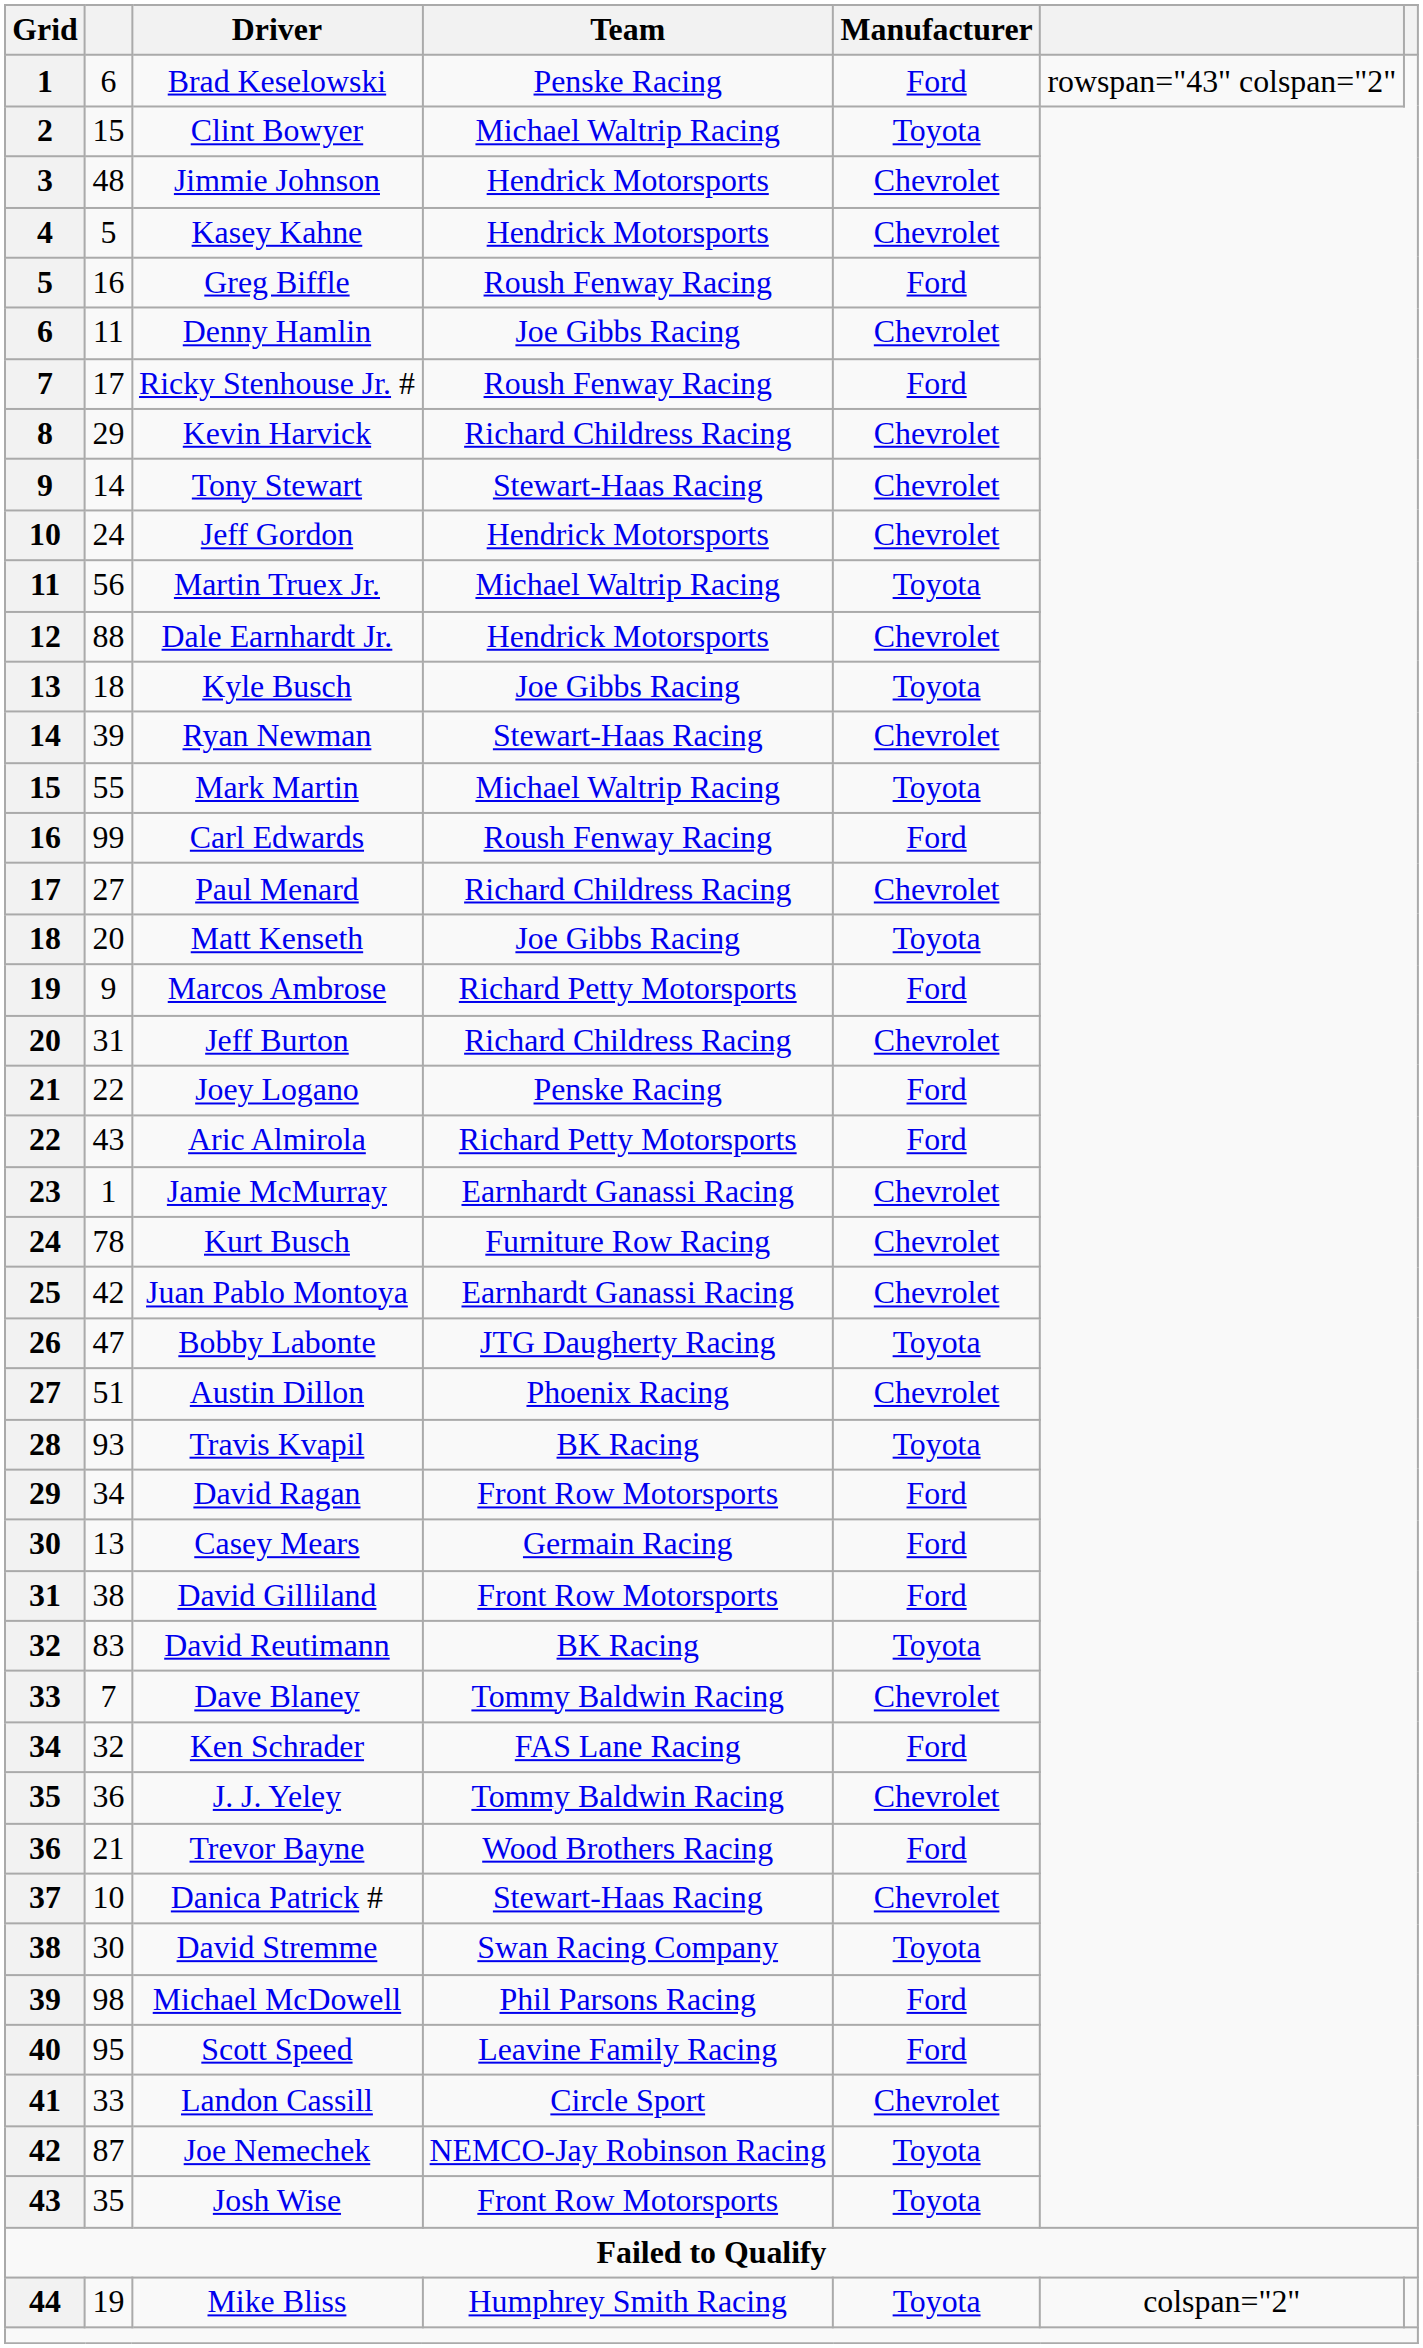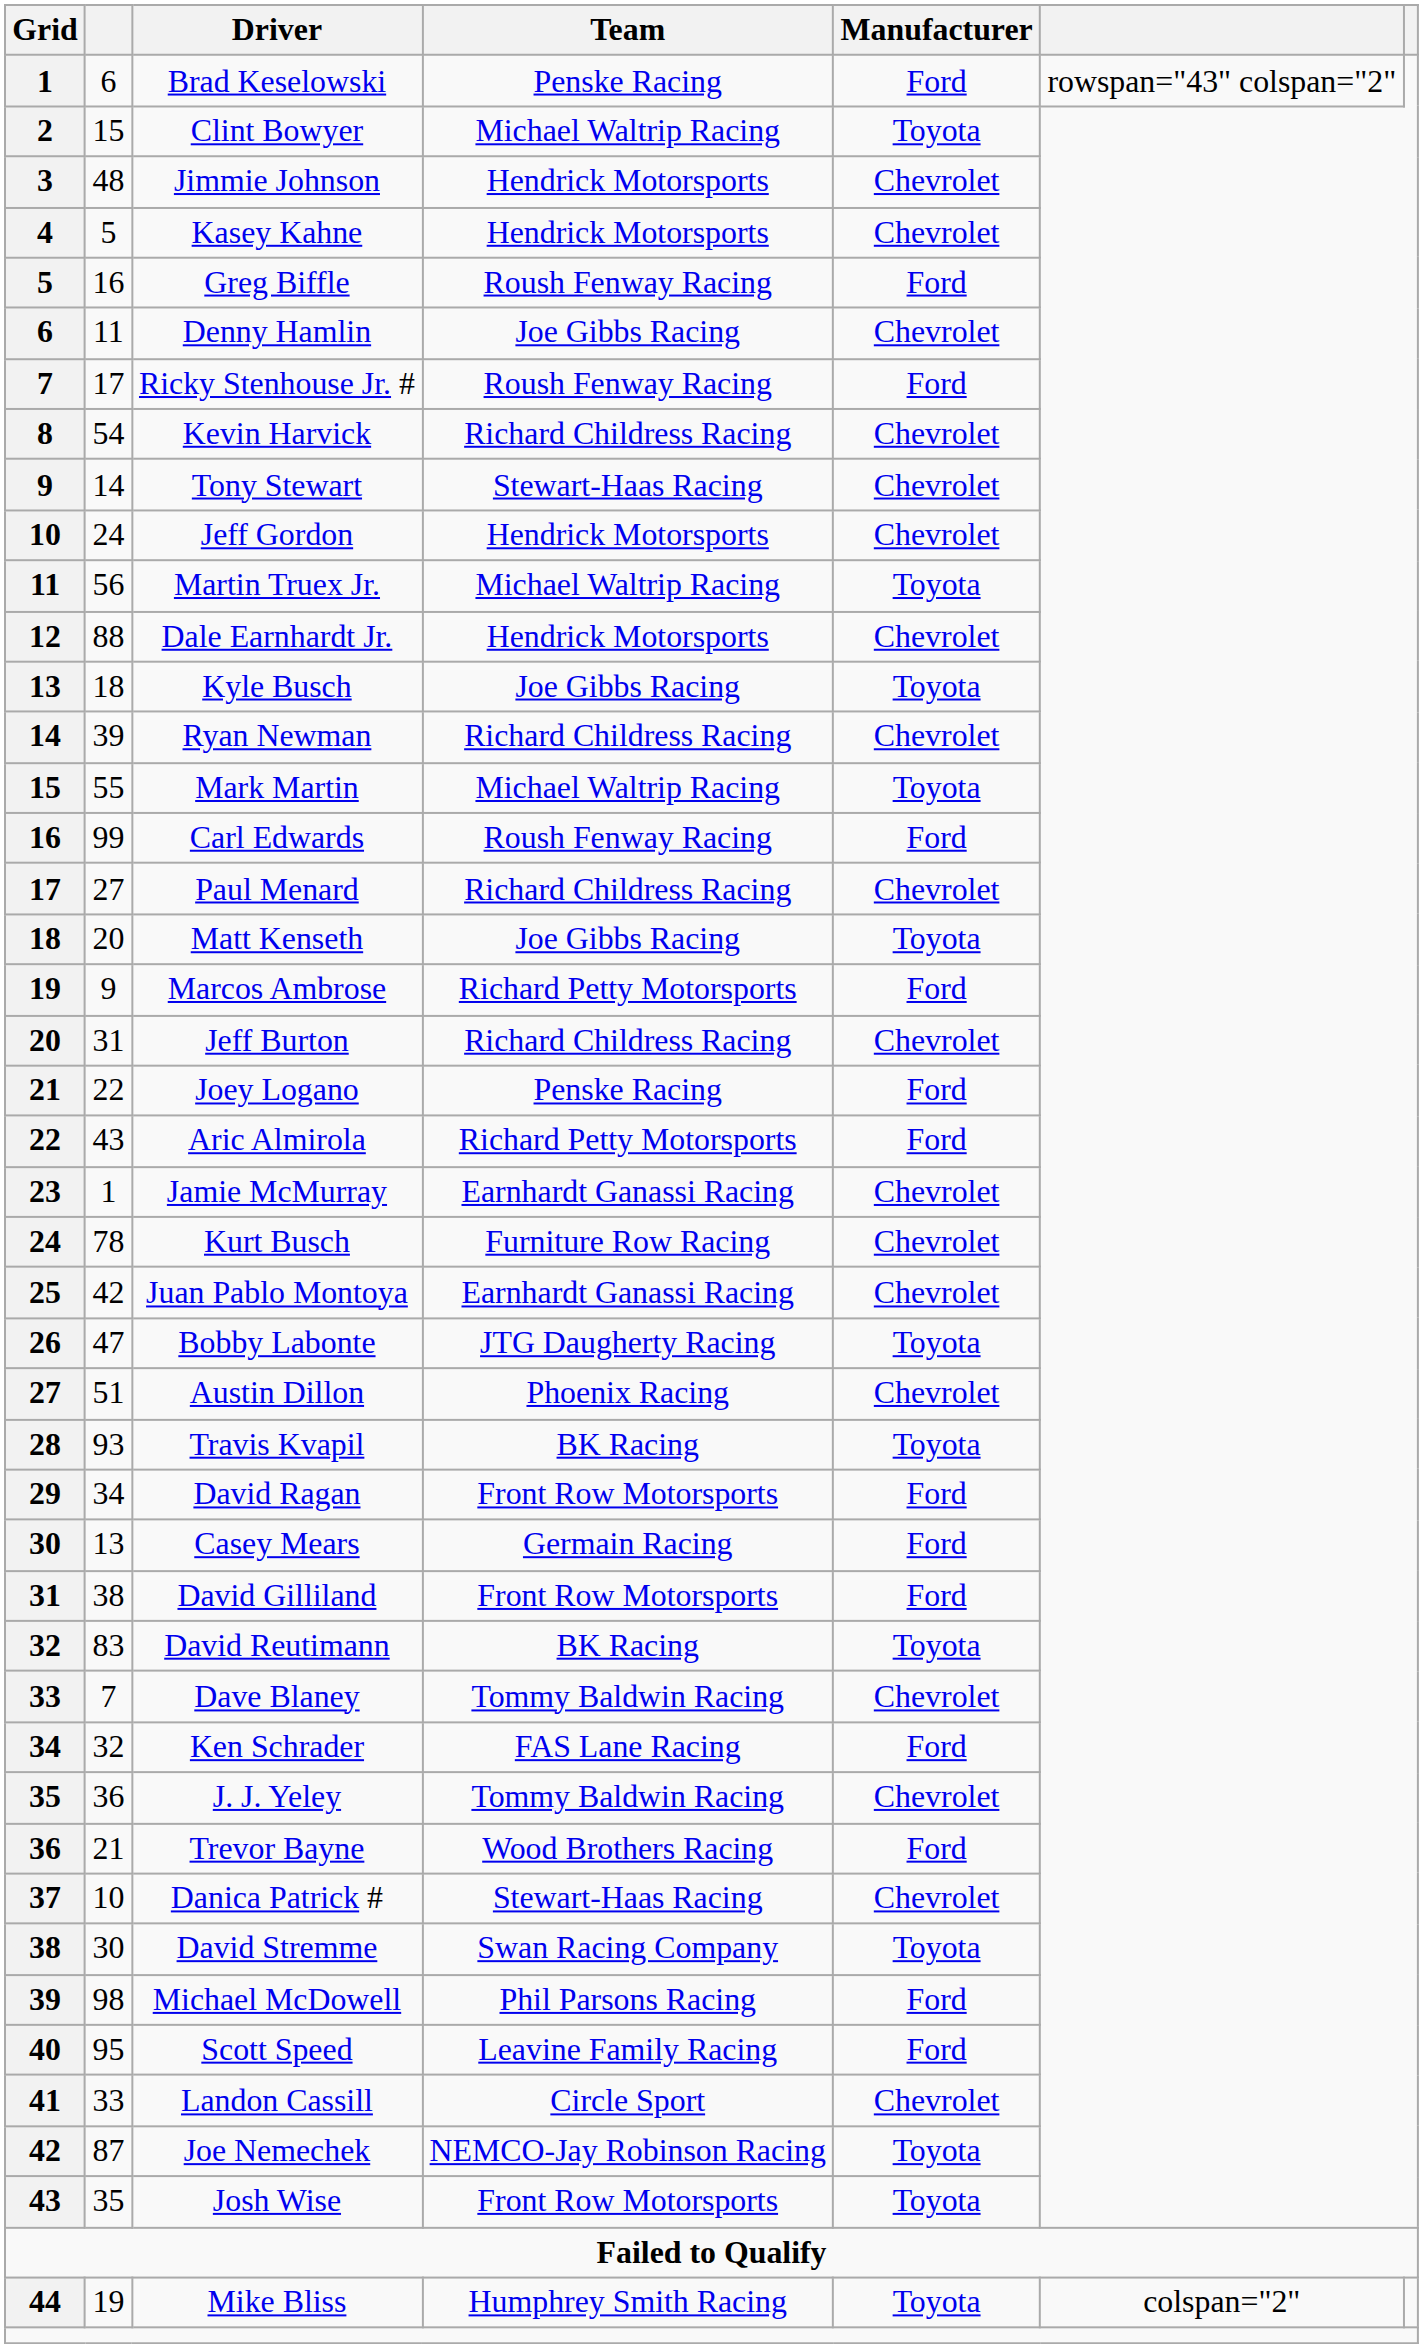 <table class="wikitable" style="text-align:center;">
 <tr>
 <th>Grid</th>
 <th></th>
 <th>Driver</th>
 <th>Team</th>
 <th>Manufacturer</th>
 <th></th>
 <th></th>
 </tr>
 <tr>
 <th>1</th>
 <td>6</td>
 <td><a href='#'>Brad Keselowski</a></td>
 <td><a href='#'>Penske Racing</a></td>
 <td><a href='#'>Ford</a></td>
 <td>rowspan="43" colspan="2" </td>
 </tr>
 <tr>
 <th>2</th>
 <td>15</td>
 <td><a href='#'>Clint Bowyer</a></td>
 <td><a href='#'>Michael Waltrip Racing</a></td>
 <td><a href='#'>Toyota</a></td>
 </tr>
 <tr>
 <th>3</th>
 <td>48</td>
 <td><a href='#'>Jimmie Johnson</a></td>
 <td><a href='#'>Hendrick Motorsports</a></td>
 <td><a href='#'>Chevrolet</a></td>
 </tr>
 <tr>
 <th>4</th>
 <td>5</td>
 <td><a href='#'>Kasey Kahne</a></td>
 <td><a href='#'>Hendrick Motorsports</a></td>
 <td><a href='#'>Chevrolet</a></td>
 </tr>
 <tr>
 <th>5</th>
 <td>16</td>
 <td><a href='#'>Greg Biffle</a></td>
 <td><a href='#'>Roush Fenway Racing</a></td>
 <td><a href='#'>Ford</a></td>
 </tr>
 <tr>
 <th>6</th>
 <td>11</td>
 <td><a href='#'>Denny Hamlin</a></td>
 <td><a href='#'>Joe Gibbs Racing</a></td>
 <td><a href='#'>Chevrolet</a></td>
 </tr>
 <tr>
 <th>7</th>
 <td>17</td>
 <td><a href='#'>Ricky Stenhouse Jr.</a> #</td>
 <td><a href='#'>Roush Fenway Racing</a></td>
 <td><a href='#'>Ford</a></td>
 </tr>
 <tr>
 <th>8</th>
-<td>29</td>
+<td>54</td>
 <td><a href='#'>Kevin Harvick</a></td>
 <td><a href='#'>Richard Childress Racing</a></td>
 <td><a href='#'>Chevrolet</a></td>
 </tr>
 <tr>
 <th>9</th>
 <td>14</td>
 <td><a href='#'>Tony Stewart</a></td>
 <td><a href='#'>Stewart-Haas Racing</a></td>
 <td><a href='#'>Chevrolet</a></td>
 </tr>
 <tr>
 <th>10</th>
 <td>24</td>
 <td><a href='#'>Jeff Gordon</a></td>
 <td><a href='#'>Hendrick Motorsports</a></td>
 <td><a href='#'>Chevrolet</a></td>
 </tr>
 <tr>
 <th>11</th>
 <td>56</td>
 <td><a href='#'>Martin Truex Jr.</a></td>
 <td><a href='#'>Michael Waltrip Racing</a></td>
 <td><a href='#'>Toyota</a></td>
 </tr>
 <tr>
 <th>12</th>
 <td>88</td>
 <td><a href='#'>Dale Earnhardt Jr.</a></td>
 <td><a href='#'>Hendrick Motorsports</a></td>
 <td><a href='#'>Chevrolet</a></td>
 </tr>
 <tr>
 <th>13</th>
 <td>18</td>
 <td><a href='#'>Kyle Busch</a></td>
 <td><a href='#'>Joe Gibbs Racing</a></td>
 <td><a href='#'>Toyota</a></td>
 </tr>
 <tr>
 <th>14</th>
 <td>39</td>
 <td><a href='#'>Ryan Newman</a></td>
-<td><a href='#'>Stewart-Haas Racing</a></td>
+<td><a href='#'>Richard Childress Racing</a></td>
 <td><a href='#'>Chevrolet</a></td>
 </tr>
 <tr>
 <th>15</th>
 <td>55</td>
 <td><a href='#'>Mark Martin</a></td>
 <td><a href='#'>Michael Waltrip Racing</a></td>
 <td><a href='#'>Toyota</a></td>
 </tr>
 <tr>
 <th>16</th>
 <td>99</td>
 <td><a href='#'>Carl Edwards</a></td>
 <td><a href='#'>Roush Fenway Racing</a></td>
 <td><a href='#'>Ford</a></td>
 </tr>
 <tr>
 <th>17</th>
 <td>27</td>
 <td><a href='#'>Paul Menard</a></td>
 <td><a href='#'>Richard Childress Racing</a></td>
 <td><a href='#'>Chevrolet</a></td>
 </tr>
 <tr>
 <th>18</th>
 <td>20</td>
 <td><a href='#'>Matt Kenseth</a></td>
 <td><a href='#'>Joe Gibbs Racing</a></td>
 <td><a href='#'>Toyota</a></td>
 </tr>
 <tr>
 <th>19</th>
 <td>9</td>
 <td><a href='#'>Marcos Ambrose</a></td>
 <td><a href='#'>Richard Petty Motorsports</a></td>
 <td><a href='#'>Ford</a></td>
 </tr>
 <tr>
 <th>20</th>
 <td>31</td>
 <td><a href='#'>Jeff Burton</a></td>
 <td><a href='#'>Richard Childress Racing</a></td>
 <td><a href='#'>Chevrolet</a></td>
 </tr>
 <tr>
 <th>21</th>
 <td>22</td>
 <td><a href='#'>Joey Logano</a></td>
 <td><a href='#'>Penske Racing</a></td>
 <td><a href='#'>Ford</a></td>
 </tr>
 <tr>
 <th>22</th>
 <td>43</td>
 <td><a href='#'>Aric Almirola</a></td>
 <td><a href='#'>Richard Petty Motorsports</a></td>
 <td><a href='#'>Ford</a></td>
 </tr>
 <tr>
 <th>23</th>
 <td>1</td>
 <td><a href='#'>Jamie McMurray</a></td>
 <td><a href='#'>Earnhardt Ganassi Racing</a></td>
 <td><a href='#'>Chevrolet</a></td>
 </tr>
 <tr>
 <th>24</th>
 <td>78</td>
 <td><a href='#'>Kurt Busch</a></td>
 <td><a href='#'>Furniture Row Racing</a></td>
 <td><a href='#'>Chevrolet</a></td>
 </tr>
 <tr>
 <th>25</th>
 <td>42</td>
 <td><a href='#'>Juan Pablo Montoya</a></td>
 <td><a href='#'>Earnhardt Ganassi Racing</a></td>
 <td><a href='#'>Chevrolet</a></td>
 </tr>
 <tr>
 <th>26</th>
 <td>47</td>
 <td><a href='#'>Bobby Labonte</a></td>
 <td><a href='#'>JTG Daugherty Racing</a></td>
 <td><a href='#'>Toyota</a></td>
 </tr>
 <tr>
 <th>27</th>
 <td>51</td>
 <td><a href='#'>Austin Dillon</a></td>
 <td><a href='#'>Phoenix Racing</a></td>
 <td><a href='#'>Chevrolet</a></td>
 </tr>
 <tr>
 <th>28</th>
 <td>93</td>
 <td><a href='#'>Travis Kvapil</a></td>
 <td><a href='#'>BK Racing</a></td>
 <td><a href='#'>Toyota</a></td>
 </tr>
 <tr>
 <th>29</th>
 <td>34</td>
 <td><a href='#'>David Ragan</a></td>
 <td><a href='#'>Front Row Motorsports</a></td>
 <td><a href='#'>Ford</a></td>
 </tr>
 <tr>
 <th>30</th>
 <td>13</td>
 <td><a href='#'>Casey Mears</a></td>
 <td><a href='#'>Germain Racing</a></td>
 <td><a href='#'>Ford</a></td>
 </tr>
 <tr>
 <th>31</th>
 <td>38</td>
 <td><a href='#'>David Gilliland</a></td>
 <td><a href='#'>Front Row Motorsports</a></td>
 <td><a href='#'>Ford</a></td>
 </tr>
 <tr>
 <th>32</th>
 <td>83</td>
 <td><a href='#'>David Reutimann</a></td>
 <td><a href='#'>BK Racing</a></td>
 <td><a href='#'>Toyota</a></td>
 </tr>
 <tr>
 <th>33</th>
 <td>7</td>
 <td><a href='#'>Dave Blaney</a></td>
 <td><a href='#'>Tommy Baldwin Racing</a></td>
 <td><a href='#'>Chevrolet</a></td>
 </tr>
 <tr>
 <th>34</th>
 <td>32</td>
 <td><a href='#'>Ken Schrader</a></td>
 <td><a href='#'>FAS Lane Racing</a></td>
 <td><a href='#'>Ford</a></td>
 </tr>
 <tr>
 <th>35</th>
 <td>36</td>
 <td><a href='#'>J. J. Yeley</a></td>
 <td><a href='#'>Tommy Baldwin Racing</a></td>
 <td><a href='#'>Chevrolet</a></td>
 </tr>
 <tr>
 <th>36</th>
 <td>21</td>
 <td><a href='#'>Trevor Bayne</a></td>
 <td><a href='#'>Wood Brothers Racing</a></td>
 <td><a href='#'>Ford</a></td>
 </tr>
 <tr>
 <th>37</th>
 <td>10</td>
 <td><a href='#'>Danica Patrick</a> #</td>
 <td><a href='#'>Stewart-Haas Racing</a></td>
 <td><a href='#'>Chevrolet</a></td>
 </tr>
 <tr>
 <th>38</th>
 <td>30</td>
 <td><a href='#'>David Stremme</a></td>
 <td><a href='#'>Swan Racing Company</a></td>
 <td><a href='#'>Toyota</a></td>
 </tr>
 <tr>
 <th>39</th>
 <td>98</td>
 <td><a href='#'>Michael McDowell</a></td>
 <td><a href='#'>Phil Parsons Racing</a></td>
 <td><a href='#'>Ford</a></td>
 </tr>
 <tr>
 <th>40</th>
 <td>95</td>
 <td><a href='#'>Scott Speed</a></td>
 <td><a href='#'>Leavine Family Racing</a></td>
 <td><a href='#'>Ford</a></td>
 </tr>
 <tr>
 <th>41</th>
 <td>33</td>
 <td><a href='#'>Landon Cassill</a></td>
 <td><a href='#'>Circle Sport</a></td>
 <td><a href='#'>Chevrolet</a></td>
 </tr>
 <tr>
 <th>42</th>
 <td>87</td>
 <td><a href='#'>Joe Nemechek</a></td>
 <td><a href='#'>NEMCO-Jay Robinson Racing</a></td>
 <td><a href='#'>Toyota</a></td>
 </tr>
 <tr>
 <th>43</th>
 <td>35</td>
 <td><a href='#'>Josh Wise</a></td>
 <td><a href='#'>Front Row Motorsports</a></td>
 <td><a href='#'>Toyota</a></td>
 </tr>
 <tr>
 <td colspan="7" style="text-align:center;"><strong>Failed to Qualify</strong></td>
 </tr>
 <tr>
 <th>44</th>
 <td>19</td>
 <td><a href='#'>Mike Bliss</a></td>
 <td><a href='#'>Humphrey Smith Racing</a></td>
 <td><a href='#'>Toyota</a></td>
 <td>colspan="2" </td>
 </tr>
 <tr>
 <td colspan="7"></td>
 </tr>
 </table>
